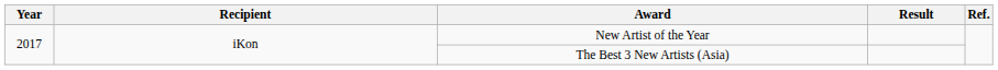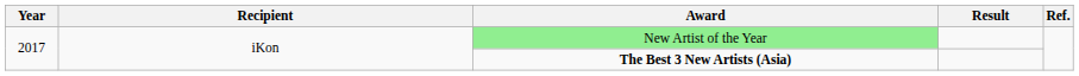 <table class="wikitable" style="text-align:center">
 <tr>
 <th width=5%>Year</th>
 <th style="width:40%;">Recipient</th>
 <th style="width:45%;">Award</th>
 <th style="width:10%;">Result</th>
 <th style="width:5%;">Ref.</th>
 </tr>
 <tr>
 <td rowspan="2">2017</td>
 <td rowspan="2">iKon</td>
-<td>New Artist of the Year</td>
+<td style="background: lightgreen;">New Artist of the Year</td>
 <td></td>
 <td rowspan="2"></td>
 </tr>
 <tr>
-<td>The Best 3 New Artists (Asia)</td>
+<td><strong>The Best 3 New Artists (Asia)</strong></td>
 <td></td>
 </tr>
 </table>
